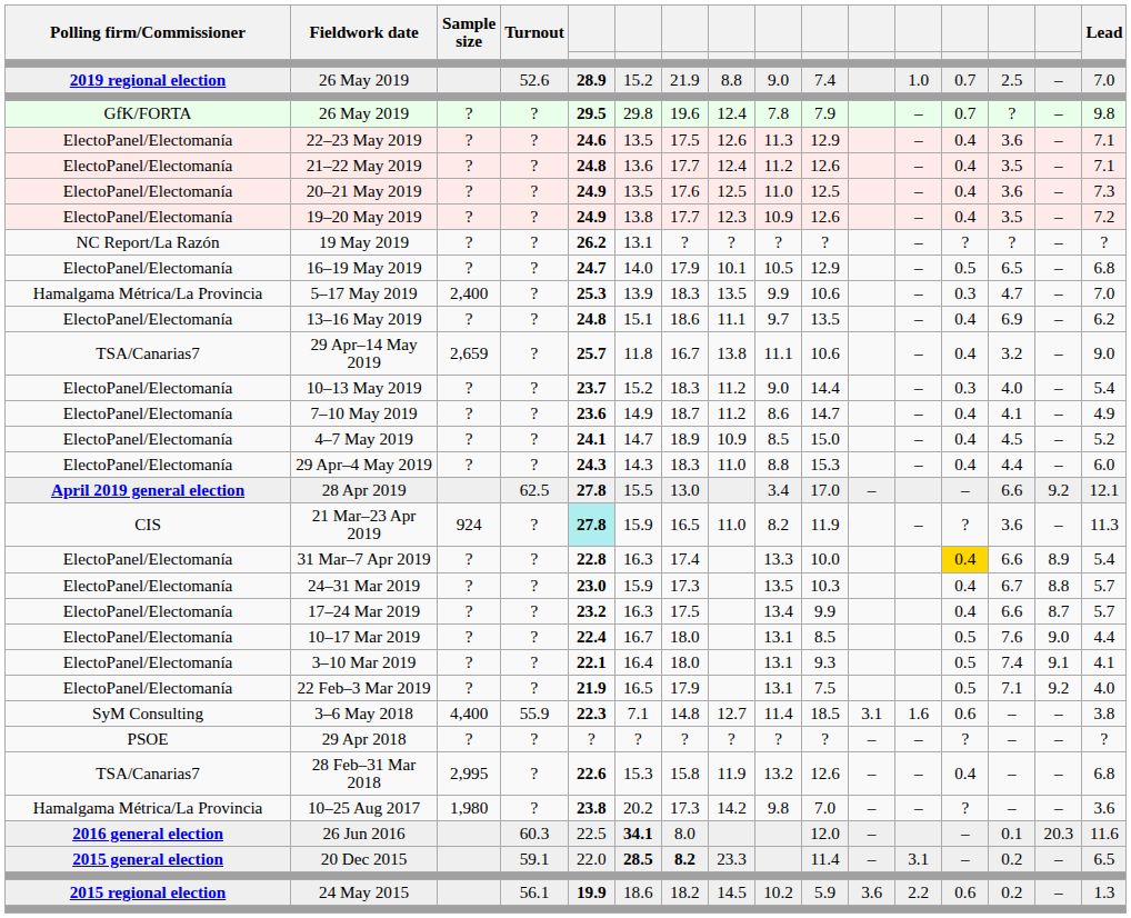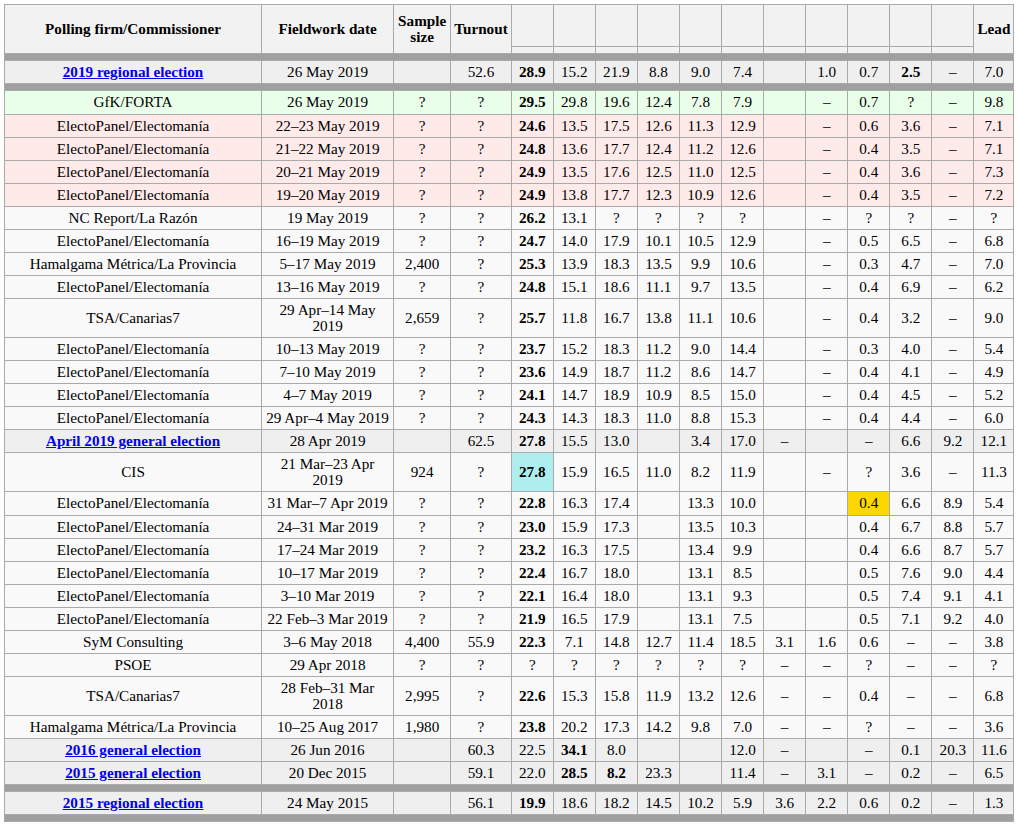 <table class="wikitable collapsible collapsed" style="text-align:center; font-size:95%; line-height:16px;">
 <tr style="height:42px;">
 <th style="width:250px;" rowspan="2">Polling firm/Commissioner</th>
 <th style="width:125px;" rowspan="2">Fieldwork date</th>
 <th style="width:50px;" rowspan="2">Sample size</th>
 <th style="width:45px;" rowspan="2">Turnout</th>
 <th style="width:35px;"></th>
 <th style="width:35px;"></th>
 <th style="width:35px;"></th>
 <th style="width:35px;"></th>
 <th style="width:35px;"></th>
 <th style="width:35px;"></th>
 <th style="width:35px;"></th>
 <th style="width:35px;"></th>
 <th style="width:35px;"></th>
 <th style="width:35px;"></th>
 <th style="width:35px;"></th>
 <th style="width:30px;" rowspan="2">Lead</th>
 </tr>
 <tr>
 <th style="color:inherit;background:"></th>
 <th style="color:inherit;background:"></th>
 <th style="color:inherit;background:"></th>
 <th style="color:inherit;background:"></th>
 <th style="color:inherit;background:"></th>
 <th style="color:inherit;background:"></th>
 <th style="color:inherit;background:"></th>
 <th style="color:inherit;background:"></th>
 <th style="color:inherit;background:"></th>
 <th style="color:inherit;background:"></th>
 <th style="color:inherit;background:"></th>
 </tr>
 <tr>
 <td colspan="16" style="background:#A0A0A0"></td>
 </tr>
 <tr style="background:#EFEFEF;">
 <td><strong><a href='#'>2019 regional election</a></strong></td>
 <td>26 May 2019</td>
 <td></td>
 <td>52.6</td>
 <td><strong>28.9</strong><br></td>
 <td>15.2<br></td>
 <td>21.9<br></td>
 <td>8.8<br></td>
 <td>9.0<br></td>
 <td>7.4<br></td>
 <td></td>
 <td>1.0<br></td>
 <td>0.7<br></td>
-<td>2.5<br></td>
+<td><strong>2.5<br></strong></td>
 <td>–</td>
 <td style="background:">7.0</td>
 </tr>
 <tr>
 <td colspan="16" style="background:#A0A0A0"></td>
 </tr>
 <tr style="background:#EAFFEA;">
 <td>GfK/FORTA</td>
 <td>26 May 2019</td>
 <td>?</td>
 <td>?</td>
 <td><strong>29.5</strong><br></td>
 <td>29.8<br></td>
 <td>19.6<br></td>
 <td>12.4<br></td>
 <td>7.8<br></td>
 <td>7.9<br></td>
 <td></td>
 <td>–</td>
 <td>0.7<br></td>
 <td>?<br></td>
 <td>–</td>
 <td style="background:">9.8</td>
 </tr>
 <tr style="background:#FFEAEA;">
 <td>ElectoPanel/Electomanía</td>
 <td>22–23 May 2019</td>
 <td>?</td>
 <td>?</td>
 <td><strong>24.6</strong><br></td>
 <td>13.5<br></td>
 <td>17.5<br></td>
 <td>12.6<br></td>
 <td>11.3<br></td>
 <td>12.9<br></td>
 <td></td>
 <td>–</td>
-<td>0.4<br></td>
+<td>0.6<br></td>
 <td>3.6<br></td>
 <td>–</td>
 <td style="background:">7.1</td>
 </tr>
 <tr style="background:#FFEAEA;">
 <td>ElectoPanel/Electomanía</td>
 <td>21–22 May 2019</td>
 <td>?</td>
 <td>?</td>
 <td><strong>24.8</strong><br></td>
 <td>13.6<br></td>
 <td>17.7<br></td>
 <td>12.4<br></td>
 <td>11.2<br></td>
 <td>12.6<br></td>
 <td></td>
 <td>–</td>
 <td>0.4<br></td>
 <td>3.5<br></td>
 <td>–</td>
 <td style="background:">7.1</td>
 </tr>
 <tr style="background:#FFEAEA;">
 <td>ElectoPanel/Electomanía</td>
 <td>20–21 May 2019</td>
 <td>?</td>
 <td>?</td>
 <td><strong>24.9</strong><br></td>
 <td>13.5<br></td>
 <td>17.6<br></td>
 <td>12.5<br></td>
 <td>11.0<br></td>
 <td>12.5<br></td>
 <td></td>
 <td>–</td>
 <td>0.4<br></td>
 <td>3.6<br></td>
 <td>–</td>
 <td style="background:">7.3</td>
 </tr>
 <tr style="background:#FFEAEA;">
 <td>ElectoPanel/Electomanía</td>
 <td>19–20 May 2019</td>
 <td>?</td>
 <td>?</td>
 <td><strong>24.9</strong><br></td>
 <td>13.8<br></td>
 <td>17.7<br></td>
 <td>12.3<br></td>
 <td>10.9<br></td>
 <td>12.6<br></td>
 <td></td>
 <td>–</td>
 <td>0.4<br></td>
 <td>3.5<br></td>
 <td>–</td>
 <td style="background:">7.2</td>
 </tr>
 <tr>
 <td>NC Report/La Razón</td>
 <td>19 May 2019</td>
 <td>?</td>
 <td>?</td>
 <td><strong>26.2</strong><br></td>
 <td>13.1<br></td>
 <td>?<br></td>
 <td>?<br></td>
 <td>?<br></td>
 <td>?<br></td>
 <td></td>
 <td>–</td>
 <td>?<br></td>
 <td>?<br></td>
 <td>–</td>
 <td style="background:">?</td>
 </tr>
 <tr>
 <td>ElectoPanel/Electomanía</td>
 <td>16–19 May 2019</td>
 <td>?</td>
 <td>?</td>
 <td><strong>24.7</strong><br></td>
 <td>14.0<br></td>
 <td>17.9<br></td>
 <td>10.1<br></td>
 <td>10.5<br></td>
 <td>12.9<br></td>
 <td></td>
 <td>–</td>
 <td>0.5<br></td>
 <td>6.5<br></td>
 <td>–</td>
 <td style="background:">6.8</td>
 </tr>
 <tr>
 <td>Hamalgama Métrica/La Provincia</td>
 <td>5–17 May 2019</td>
 <td>2,400</td>
 <td>?</td>
 <td><strong>25.3</strong><br></td>
 <td>13.9<br></td>
 <td>18.3<br></td>
 <td>13.5<br></td>
 <td>9.9<br></td>
 <td>10.6<br></td>
 <td></td>
 <td>–</td>
 <td>0.3<br></td>
 <td>4.7<br></td>
 <td>–</td>
 <td style="background:">7.0</td>
 </tr>
 <tr>
 <td>ElectoPanel/Electomanía</td>
 <td>13–16 May 2019</td>
 <td>?</td>
 <td>?</td>
 <td><strong>24.8</strong><br></td>
 <td>15.1<br></td>
 <td>18.6<br></td>
 <td>11.1<br></td>
 <td>9.7<br></td>
 <td>13.5<br></td>
 <td></td>
 <td>–</td>
 <td>0.4<br></td>
 <td>6.9<br></td>
 <td>–</td>
 <td style="background:">6.2</td>
 </tr>
 <tr>
 <td>TSA/Canarias7</td>
 <td>29 Apr–14 May 2019</td>
 <td>2,659</td>
 <td>?</td>
 <td><strong>25.7</strong><br></td>
 <td>11.8<br></td>
 <td>16.7<br></td>
 <td>13.8<br></td>
 <td>11.1<br></td>
 <td>10.6<br></td>
 <td></td>
 <td>–</td>
 <td>0.4<br></td>
 <td>3.2<br></td>
 <td>–</td>
 <td style="background:">9.0</td>
 </tr>
 <tr>
 <td>ElectoPanel/Electomanía</td>
 <td>10–13 May 2019</td>
 <td>?</td>
 <td>?</td>
 <td><strong>23.7</strong><br></td>
 <td>15.2<br></td>
 <td>18.3<br></td>
 <td>11.2<br></td>
 <td>9.0<br></td>
 <td>14.4<br></td>
 <td></td>
 <td>–</td>
 <td>0.3<br></td>
 <td>4.0<br></td>
 <td>–</td>
 <td style="background:">5.4</td>
 </tr>
 <tr>
 <td>ElectoPanel/Electomanía</td>
 <td>7–10 May 2019</td>
 <td>?</td>
 <td>?</td>
 <td><strong>23.6</strong><br></td>
 <td>14.9<br></td>
 <td>18.7<br></td>
 <td>11.2<br></td>
 <td>8.6<br></td>
 <td>14.7<br></td>
 <td></td>
 <td>–</td>
 <td>0.4<br></td>
 <td>4.1<br></td>
 <td>–</td>
 <td style="background:">4.9</td>
 </tr>
 <tr>
 <td>ElectoPanel/Electomanía</td>
 <td>4–7 May 2019</td>
 <td>?</td>
 <td>?</td>
 <td><strong>24.1</strong><br></td>
 <td>14.7<br></td>
 <td>18.9<br></td>
 <td>10.9<br></td>
 <td>8.5<br></td>
 <td>15.0<br></td>
 <td></td>
 <td>–</td>
 <td>0.4<br></td>
 <td>4.5<br></td>
 <td>–</td>
 <td style="background:">5.2</td>
 </tr>
 <tr>
 <td>ElectoPanel/Electomanía</td>
 <td>29 Apr–4 May 2019</td>
 <td>?</td>
 <td>?</td>
 <td><strong>24.3</strong><br></td>
 <td>14.3<br></td>
 <td>18.3<br></td>
 <td>11.0<br></td>
 <td>8.8<br></td>
 <td>15.3<br></td>
 <td></td>
 <td>–</td>
 <td>0.4<br></td>
 <td>4.4<br></td>
 <td>–</td>
 <td style="background:">6.0</td>
 </tr>
 <tr style="background:#EFEFEF;">
 <td><strong><a href='#'>April 2019 general election</a></strong></td>
 <td>28 Apr 2019</td>
 <td></td>
 <td>62.5</td>
 <td><strong>27.8</strong><br></td>
 <td>15.5<br></td>
 <td>13.0<br></td>
 <td></td>
 <td>3.4<br></td>
 <td>17.0<br></td>
 <td>–</td>
 <td></td>
 <td>–</td>
 <td>6.6<br></td>
 <td>9.2<br></td>
 <td style="background:">12.1</td>
 </tr>
 <tr>
 <td>CIS</td>
 <td>21 Mar–23 Apr 2019</td>
 <td>924</td>
 <td>?</td>
 <td style="background: paleturquoise;"><strong>27.8</strong><br></td>
 <td>15.9<br></td>
 <td>16.5<br></td>
 <td>11.0<br></td>
 <td>8.2<br></td>
 <td>11.9<br></td>
 <td></td>
 <td>–</td>
 <td>?<br></td>
 <td>3.6<br></td>
 <td>–</td>
 <td style="background:">11.3</td>
 </tr>
 <tr>
 <td>ElectoPanel/Electomanía</td>
 <td>31 Mar–7 Apr 2019</td>
 <td>?</td>
 <td>?</td>
 <td><strong>22.8</strong><br></td>
 <td>16.3<br></td>
 <td>17.4<br></td>
 <td></td>
 <td>13.3<br></td>
 <td>10.0<br></td>
 <td></td>
 <td></td>
 <td style="background: gold;">0.4<br></td>
 <td>6.6<br></td>
 <td>8.9<br></td>
 <td style="background:">5.4</td>
 </tr>
 <tr>
 <td>ElectoPanel/Electomanía</td>
 <td>24–31 Mar 2019</td>
 <td>?</td>
 <td>?</td>
 <td><strong>23.0</strong><br></td>
 <td>15.9<br></td>
 <td>17.3<br></td>
 <td></td>
 <td>13.5<br></td>
 <td>10.3<br></td>
 <td></td>
 <td></td>
 <td>0.4<br></td>
 <td>6.7<br></td>
 <td>8.8<br></td>
 <td style="background:">5.7</td>
 </tr>
 <tr>
 <td>ElectoPanel/Electomanía</td>
 <td>17–24 Mar 2019</td>
 <td>?</td>
 <td>?</td>
 <td><strong>23.2</strong><br></td>
 <td>16.3<br></td>
 <td>17.5<br></td>
 <td></td>
 <td>13.4<br></td>
 <td>9.9<br></td>
 <td></td>
 <td></td>
 <td>0.4<br></td>
 <td>6.6<br></td>
 <td>8.7<br></td>
 <td style="background:">5.7</td>
 </tr>
 <tr>
 <td>ElectoPanel/Electomanía</td>
 <td>10–17 Mar 2019</td>
 <td>?</td>
 <td>?</td>
 <td><strong>22.4</strong><br></td>
 <td>16.7<br></td>
 <td>18.0<br></td>
 <td></td>
 <td>13.1<br></td>
 <td>8.5<br></td>
 <td></td>
 <td></td>
 <td>0.5<br></td>
 <td>7.6<br></td>
 <td>9.0<br></td>
 <td style="background:">4.4</td>
 </tr>
 <tr>
 <td>ElectoPanel/Electomanía</td>
 <td>3–10 Mar 2019</td>
 <td>?</td>
 <td>?</td>
 <td><strong>22.1</strong><br></td>
 <td>16.4<br></td>
 <td>18.0<br></td>
 <td></td>
 <td>13.1<br></td>
 <td>9.3<br></td>
 <td></td>
 <td></td>
 <td>0.5<br></td>
 <td>7.4<br></td>
 <td>9.1<br></td>
 <td style="background:">4.1</td>
 </tr>
 <tr>
 <td>ElectoPanel/Electomanía</td>
 <td>22 Feb–3 Mar 2019</td>
 <td>?</td>
 <td>?</td>
 <td><strong>21.9</strong><br></td>
 <td>16.5<br></td>
 <td>17.9<br></td>
 <td></td>
 <td>13.1<br></td>
 <td>7.5<br></td>
 <td></td>
 <td></td>
 <td>0.5<br></td>
 <td>7.1<br></td>
 <td>9.2<br></td>
 <td style="background:">4.0</td>
 </tr>
 <tr>
 <td>SyM Consulting</td>
 <td>3–6 May 2018</td>
 <td>4,400</td>
 <td>55.9</td>
 <td><strong>22.3</strong><br></td>
 <td>7.1<br></td>
 <td>14.8<br></td>
 <td>12.7<br></td>
 <td>11.4<br></td>
 <td>18.5<br></td>
 <td>3.1<br></td>
 <td>1.6<br></td>
 <td>0.6<br></td>
 <td>–</td>
 <td>–</td>
 <td style="background:">3.8</td>
 </tr>
 <tr>
 <td>PSOE</td>
 <td>29 Apr 2018</td>
 <td>?</td>
 <td>?</td>
 <td>?<br></td>
 <td>?<br></td>
 <td>?<br></td>
 <td>?<br></td>
 <td>?<br></td>
 <td>?<br></td>
 <td>–</td>
 <td>–</td>
 <td>?<br></td>
 <td>–</td>
 <td>–</td>
 <td style="background:">?</td>
 </tr>
 <tr>
 <td>TSA/Canarias7</td>
 <td>28 Feb–31 Mar 2018</td>
 <td>2,995</td>
 <td>?</td>
 <td><strong>22.6</strong><br></td>
 <td>15.3<br></td>
 <td>15.8<br></td>
 <td>11.9<br></td>
 <td>13.2<br></td>
 <td>12.6<br></td>
 <td>–</td>
 <td>–</td>
 <td>0.4<br></td>
 <td>–</td>
 <td>–</td>
 <td style="background:">6.8</td>
 </tr>
 <tr>
 <td>Hamalgama Métrica/La Provincia</td>
 <td>10–25 Aug 2017</td>
 <td>1,980</td>
 <td>?</td>
 <td><strong>23.8</strong><br></td>
 <td>20.2<br></td>
 <td>17.3<br></td>
 <td>14.2<br></td>
 <td>9.8<br></td>
 <td>7.0<br></td>
 <td>–</td>
 <td>–</td>
 <td>?<br></td>
 <td>–</td>
 <td>–</td>
 <td style="background:">3.6</td>
 </tr>
 <tr style="background:#EFEFEF;">
 <td><strong><a href='#'>2016 general election</a></strong></td>
 <td>26 Jun 2016</td>
 <td></td>
 <td>60.3</td>
 <td>22.5<br></td>
 <td><strong>34.1</strong><br></td>
 <td>8.0<br></td>
 <td></td>
 <td></td>
 <td>12.0<br></td>
 <td>–</td>
 <td></td>
 <td>–</td>
 <td>0.1<br></td>
 <td>20.3<br></td>
 <td style="background:">11.6</td>
 </tr>
 <tr style="background:#EFEFEF;">
 <td><strong><a href='#'>2015 general election</a></strong></td>
 <td>20 Dec 2015</td>
 <td></td>
 <td>59.1</td>
 <td>22.0<br></td>
 <td><strong>28.5</strong><br></td>
 <td><strong>8.2<br></strong></td>
 <td>23.3<br></td>
 <td></td>
 <td>11.4<br></td>
 <td>–</td>
 <td>3.1<br></td>
 <td>–</td>
 <td>0.2<br></td>
 <td>–</td>
 <td style="background:">6.5</td>
 </tr>
 <tr>
 <td colspan="16" style="background:#A0A0A0"></td>
 </tr>
 <tr style="background:#EFEFEF;">
 <td><strong><a href='#'>2015 regional election</a></strong></td>
 <td>24 May 2015</td>
 <td></td>
 <td>56.1</td>
 <td><strong>19.9</strong><br></td>
 <td>18.6<br></td>
 <td>18.2<br></td>
 <td>14.5<br></td>
 <td>10.2<br></td>
 <td>5.9<br></td>
 <td>3.6<br></td>
 <td>2.2<br></td>
 <td>0.6<br></td>
 <td>0.2<br></td>
 <td>–</td>
 <td style="background:">1.3</td>
 </tr>
 <tr>
 <td colspan="16" style="background:#A0A0A0"></td>
 </tr>
 </table>
